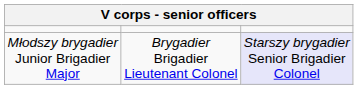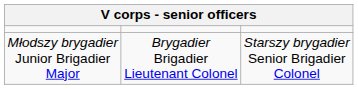 <table class="wikitable" style="text-align: center">
 <tr>
 <th colspan="3">V corps - senior officers</th>
 </tr>
 <tr>
 <td></td>
 <td></td>
 <td></td>
 </tr>
 <tr>
 <td><em>Młodszy brygadier</em> <br> Junior Brigadier <br> <a href='#'>Major</a></td>
 <td><em>Brygadier</em> <br> Brigadier <br> <a href='#'>Lieutenant Colonel</a></td>
-<td style="background: lavender;"><em>Starszy brygadier</em> <br> Senior Brigadier <br> <a href='#'>Colonel</a></td>
+<td><em>Starszy brygadier</em> <br> Senior Brigadier <br> <a href='#'>Colonel</a></td>
 </tr>
 </table>
